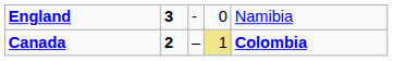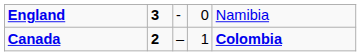 <table class="wikitable">
 <tr>
 <td width=150> <strong><a href='#'>England</a></strong></td>
 <td style="width:20px; text-align:left;"><strong>3</strong></td>
 <td>-</td>
 <td style="width:20px; text-align:right;">0</td>
 <td width=150> <a href='#'>Namibia</a></td>
 </tr>
 <tr>
 <td> <strong><a href='#'>Canada</a></strong></td>
 <td style="text-align:left;"><strong>2</strong></td>
 <td>–</td>
-<td style="background: khaki; text-align:right;">1</td>
+<td style="text-align:right;">1</td>
 <td><strong> <a href='#'>Colombia</a></strong></td>
 </tr>
 </table>
